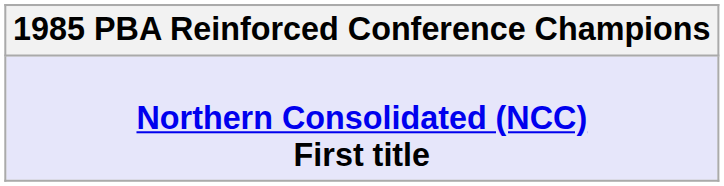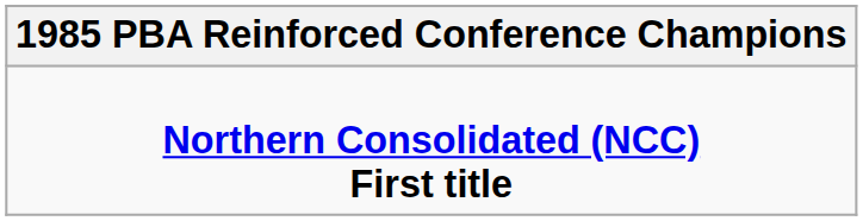 <table class=wikitable style="text-align:center; margin:auto">
 <tr>
 <th>1985 PBA Reinforced Conference Champions</th>
 </tr>
 <tr>
-<td style="background: lavender;"><br> <strong><a href='#'>Northern Consolidated (NCC)</a></strong> <br> <strong>First title</strong></td>
+<td><br> <strong><a href='#'>Northern Consolidated (NCC)</a></strong> <br> <strong>First title</strong></td>
 </tr>
 </table>
